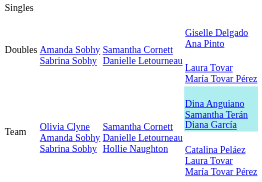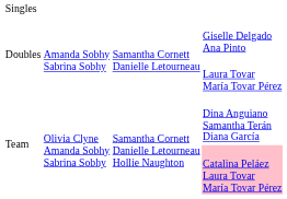 <table>
 <tr>
 <td rowspan=2>Singles<br></td>
 <td rowspan=2></td>
 <td rowspan=2></td>
 <td></td>
 </tr>
 <tr>
 <td></td>
 </tr>
 <tr>
 <td rowspan=2>Doubles<br></td>
 <td rowspan=2><br><a href='#'>Amanda Sobhy</a><br><a href='#'>Sabrina Sobhy</a></td>
 <td rowspan=2><br><a href='#'>Samantha Cornett</a><br><a href='#'>Danielle Letourneau</a></td>
 <td><br><a href='#'>Giselle Delgado</a><br><a href='#'>Ana Pinto</a></td>
 </tr>
 <tr>
 <td><br><a href='#'>Laura Tovar</a><br><a href='#'>María Tovar Pérez</a></td>
 </tr>
 <tr>
 <td rowspan=2>Team<br></td>
 <td rowspan=2><br><a href='#'>Olivia Clyne</a><br><a href='#'>Amanda Sobhy</a><br><a href='#'>Sabrina Sobhy</a></td>
 <td rowspan=2><br><a href='#'>Samantha Cornett</a><br><a href='#'>Danielle Letourneau</a><br><a href='#'>Hollie Naughton</a></td>
-<td style="background: paleturquoise;"><br><a href='#'>Dina Anguiano</a><br><a href='#'>Samantha Terán</a><br><a href='#'>Diana García</a></td>
+<td><br><a href='#'>Dina Anguiano</a><br><a href='#'>Samantha Terán</a><br><a href='#'>Diana García</a></td>
 </tr>
 <tr>
-<td><br><a href='#'>Catalina Peláez</a><br><a href='#'>Laura Tovar</a><br><a href='#'>María Tovar Pérez</a></td>
+<td style="background: pink;"><br><a href='#'>Catalina Peláez</a><br><a href='#'>Laura Tovar</a><br><a href='#'>María Tovar Pérez</a></td>
 </tr>
 </table>
